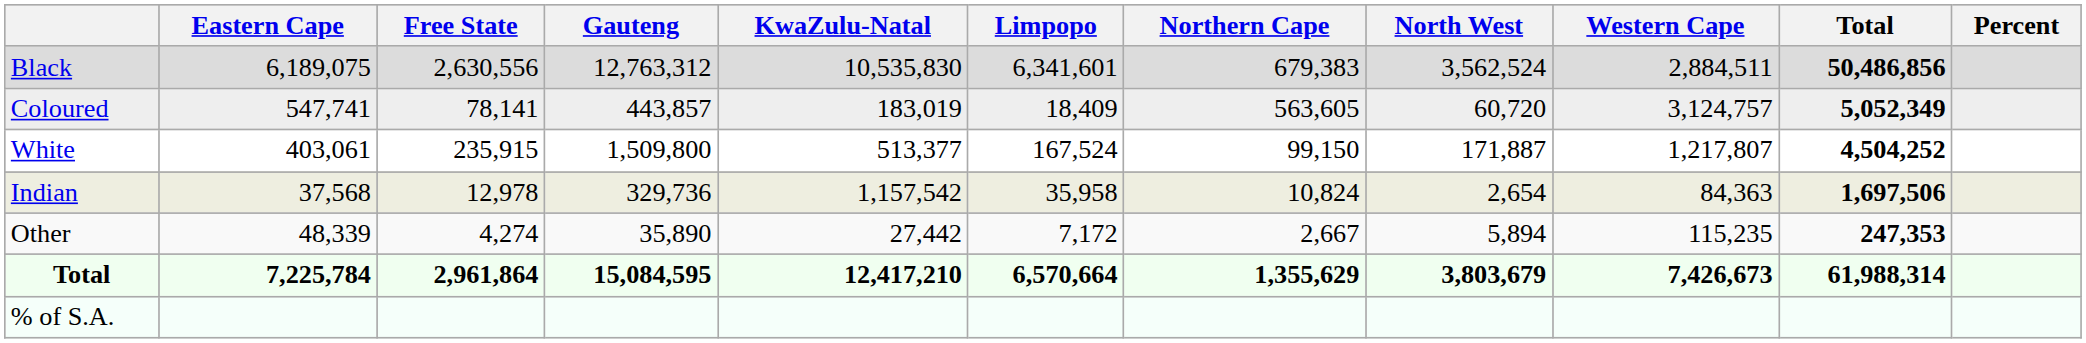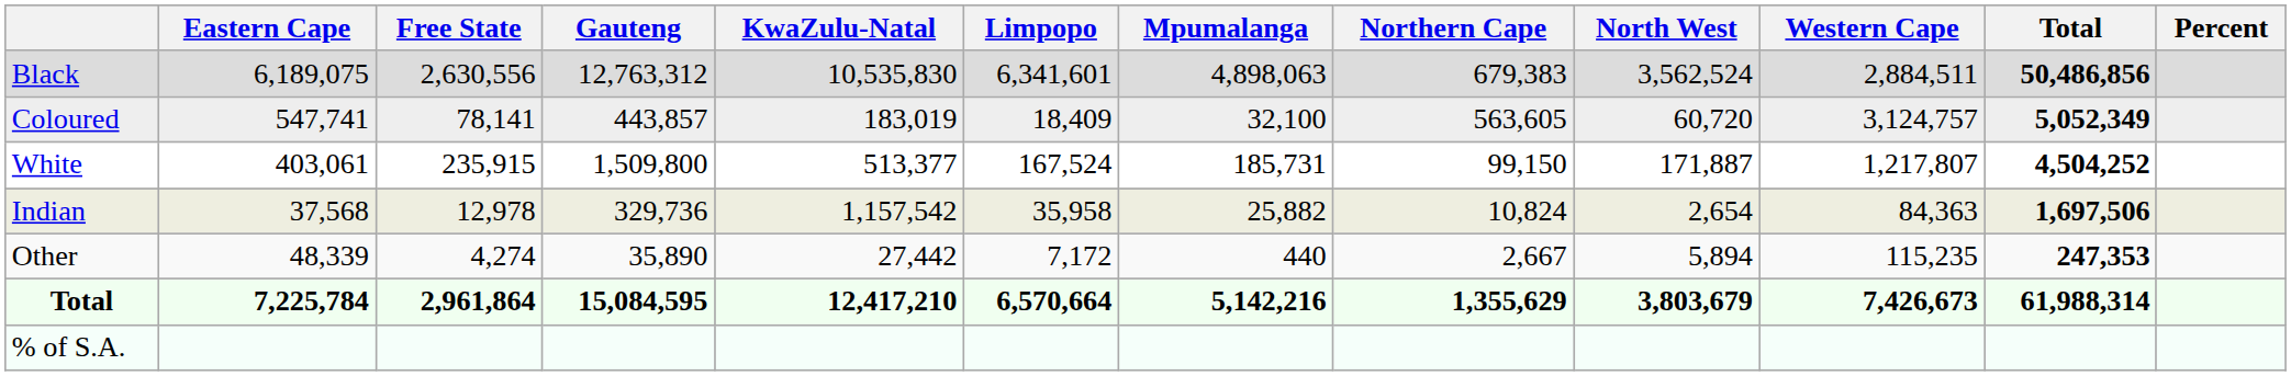 <table class="wikitable" style="width:80%;">
 <tr style="text-align:center">
 <th></th>
 <th><a href='#'>Eastern Cape</a></th>
 <th><a href='#'>Free State</a></th>
 <th><a href='#'>Gauteng</a></th>
 <th><a href='#'>KwaZulu-Natal</a></th>
 <th><a href='#'>Limpopo</a></th>
+<th><a href='#'>Mpumalanga</a></th>
 <th><a href='#'>Northern Cape</a></th>
 <th><a href='#'>North West</a></th>
 <th><a href='#'>Western Cape</a></th>
 <th>Total</th>
 <th>Percent</th>
 </tr>
 <tr style="text-align:right; background:gainsboro;">
 <td style="text-align:left;"><a href='#'>Black</a></td>
 <td>6,189,075</td>
 <td>2,630,556</td>
 <td>12,763,312</td>
 <td>10,535,830</td>
 <td>6,341,601</td>
+<td>4,898,063</td>
 <td>679,383</td>
 <td>3,562,524</td>
 <td>2,884,511</td>
 <td><strong>50,486,856 </strong></td>
 <td></td>
 </tr>
 <tr style="text-align:right; background:#eee;">
 <td style="text-align:left;"><a href='#'>Coloured</a></td>
 <td>547,741</td>
 <td>78,141</td>
 <td>443,857</td>
 <td>183,019</td>
 <td>18,409</td>
+<td>32,100</td>
 <td>563,605</td>
 <td>60,720</td>
 <td>3,124,757</td>
 <td><strong>5,052,349</strong></td>
 <td></td>
 </tr>
 <tr style="text-align:right; background:white;">
 <td style="text-align:left; "><a href='#'>White</a></td>
 <td>403,061</td>
 <td>235,915</td>
 <td>1,509,800</td>
 <td>513,377</td>
 <td>167,524</td>
+<td>185,731</td>
 <td>99,150</td>
 <td>171,887</td>
 <td>1,217,807</td>
 <td><strong>4,504,252</strong></td>
 <td></td>
 </tr>
 <tr style="text-align:right; background:#EEEEE0">
 <td style="text-align:left; "><a href='#'>Indian</a></td>
 <td>37,568</td>
 <td>12,978</td>
 <td>329,736</td>
 <td>1,157,542</td>
 <td>35,958</td>
+<td>25,882</td>
 <td>10,824</td>
 <td>2,654</td>
 <td>84,363</td>
 <td><strong>1,697,506</strong></td>
 <td></td>
 </tr>
 <tr style="text-align:right;">
 <td style="text-align:left; ">Other</td>
 <td>48,339</td>
 <td>4,274</td>
 <td>35,890</td>
 <td>27,442</td>
 <td>7,172</td>
+<td>440</td>
 <td>2,667</td>
 <td>5,894</td>
 <td>115,235</td>
 <td><strong>247,353</strong></td>
 <td></td>
 </tr>
 <tr style="text-align:right; background:honeydew;">
 <td style="text-align:center;"><strong>Total</strong></td>
 <td><strong>7,225,784 </strong></td>
 <td><strong>2,961,864</strong></td>
 <td><strong>15,084,595</strong></td>
 <td><strong>12,417,210</strong></td>
 <td><strong>6,570,664</strong></td>
+<td><strong>5,142,216</strong></td>
 <td><strong>1,355,629</strong></td>
 <td><strong>3,803,679</strong></td>
 <td><strong>7,426,673</strong></td>
 <td><strong>61,988,314</strong></td>
 <td></td>
 </tr>
 <tr style="text-align:right; background:mintcream;">
 <td style="text-align:left;">% of S.A.</td>
 <td></td>
 <td></td>
 <td></td>
 <td></td>
 <td></td>
 <td></td>
 <td></td>
 <td></td>
 <td></td>
 <td></td>
+<td></td>
 </tr>
 </table>
